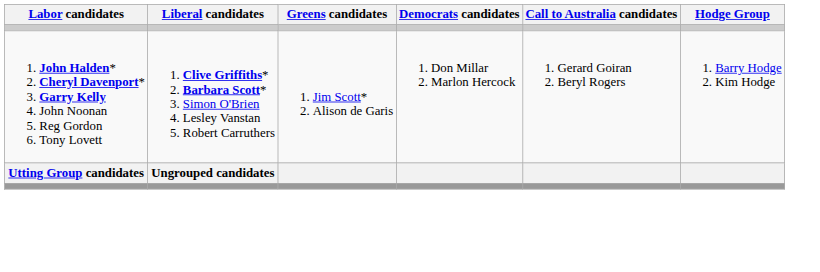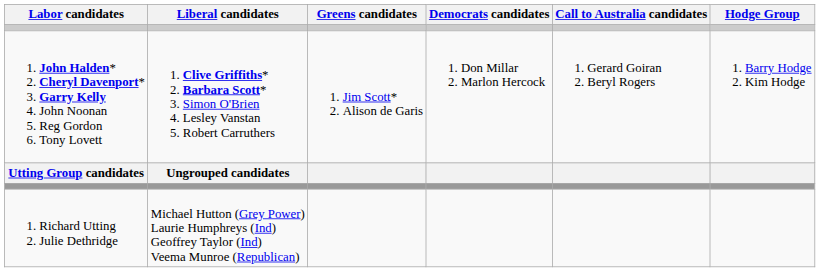 <table class="wikitable">
 <tr>
 <th><a href='#'>Labor</a> candidates</th>
 <th><a href='#'>Liberal</a> candidates</th>
 <th><a href='#'>Greens</a> candidates</th>
 <th><a href='#'>Democrats</a> candidates</th>
 <th><a href='#'>Call to Australia</a> candidates</th>
 <th><a href='#'>Hodge Group</a></th>
 </tr>
 <tr bgcolor="#cccccc">
 <td></td>
 <td></td>
 <td></td>
 <td></td>
 <td></td>
 <td></td>
 </tr>
 <tr>
 <td><br><ol><li><strong><a href='#'>John Halden</a></strong>*</li><li><strong><a href='#'>Cheryl Davenport</a></strong>*</li><li><strong><a href='#'>Garry Kelly</a></strong></li><li>John Noonan</li><li>Reg Gordon</li><li>Tony Lovett</li></ol></td>
 <td><br><ol><li><strong><a href='#'>Clive Griffiths</a></strong>*</li><li><strong><a href='#'>Barbara Scott</a></strong>*</li><li><a href='#'>Simon O'Brien</a></li><li>Lesley Vanstan</li><li>Robert Carruthers</li></ol></td>
 <td><br><ol><li><a href='#'>Jim Scott</a>*</li><li>Alison de Garis</li></ol></td>
 <td valign=top><br><ol><li>Don Millar</li><li>Marlon Hercock</li></ol></td>
 <td valign=top><br><ol><li>Gerard Goiran</li><li>Beryl Rogers</li></ol></td>
 <td valign=top><br><ol><li><a href='#'>Barry Hodge</a></li><li>Kim Hodge</li></ol></td>
 </tr>
 <tr bgcolor="#cccccc">
 <th><a href='#'>Utting Group</a> candidates</th>
 <th>Ungrouped candidates</th>
 <th></th>
 <th></th>
 <th></th>
 <th></th>
 </tr>
 <tr bgcolor="#999999">
 <td bgcolor="#999999"></td>
 <td bgcolor="#999999"></td>
 <td bgcolor="#999999"></td>
 <td bgcolor="#999999"></td>
 <td bgcolor="#999999"></td>
 <td bgcolor="#999999"></td>
 </tr>
+<tr>
+<td valign=top><br><ol><li>Richard Utting</li><li>Julie Dethridge</li></ol></td>
+<td valign=top><br>Michael Hutton (<a href='#'>Grey Power</a>) <br>  Laurie Humphreys (<a href='#'>Ind</a>) <br> Geoffrey Taylor (<a href='#'>Ind</a>) <br> Veema Munroe (<a href='#'>Republican</a>)</td>
+<td valign=top></td>
+<td valign=top></td>
+<td valign=top></td>
+<td valign=top></td>
+</tr>
 </table>
